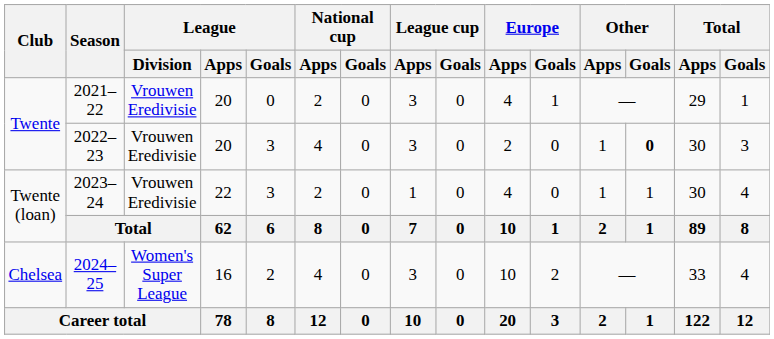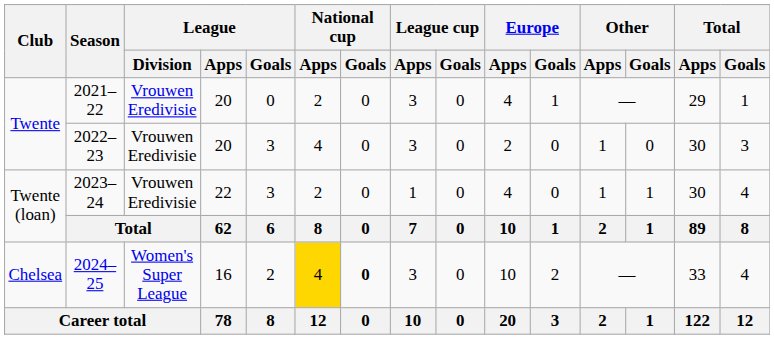 <table class="wikitable" style="text-align:center">
 <tr>
 <th rowspan="2">Club</th>
 <th rowspan="2">Season</th>
 <th colspan="3">League</th>
 <th colspan="2">National cup</th>
 <th colspan="2">League cup</th>
 <th colspan="2"><a href='#'>Europe</a></th>
 <th colspan="2">Other</th>
 <th colspan="2">Total</th>
 </tr>
 <tr>
 <th>Division</th>
 <th>Apps</th>
 <th>Goals</th>
 <th>Apps</th>
 <th>Goals</th>
 <th>Apps</th>
 <th>Goals</th>
 <th>Apps</th>
 <th>Goals</th>
 <th>Apps</th>
 <th>Goals</th>
 <th>Apps</th>
 <th>Goals</th>
 </tr>
 <tr>
 <td rowspan="2"><a href='#'>Twente</a></td>
 <td>2021–22</td>
 <td><a href='#'>Vrouwen Eredivisie</a></td>
 <td>20</td>
 <td>0</td>
 <td>2</td>
 <td>0</td>
 <td>3</td>
 <td>0</td>
 <td>4</td>
 <td>1</td>
 <td colspan="2">—</td>
 <td>29</td>
 <td>1</td>
 </tr>
 <tr>
 <td>2022–23</td>
 <td>Vrouwen Eredivisie</td>
 <td>20</td>
 <td>3</td>
 <td>4</td>
 <td>0</td>
 <td>3</td>
 <td>0</td>
 <td>2</td>
 <td>0</td>
 <td>1</td>
-<td><strong>0</strong></td>
+<td>0</td>
 <td>30</td>
 <td>3</td>
 </tr>
 <tr>
 <td rowspan="2">Twente (loan)</td>
 <td>2023–24</td>
 <td>Vrouwen Eredivisie</td>
 <td>22</td>
 <td>3</td>
 <td>2</td>
 <td>0</td>
 <td>1</td>
 <td>0</td>
 <td>4</td>
 <td>0</td>
 <td>1</td>
 <td>1</td>
 <td>30</td>
 <td>4</td>
 </tr>
 <tr>
 <th colspan="2">Total</th>
 <th>62</th>
 <th>6</th>
 <th>8</th>
 <th>0</th>
 <th>7</th>
 <th>0</th>
 <th>10</th>
 <th>1</th>
 <th>2</th>
 <th>1</th>
 <th>89</th>
 <th>8</th>
 </tr>
 <tr>
 <td><a href='#'>Chelsea</a></td>
 <td><a href='#'>2024–25</a></td>
 <td><a href='#'>Women's Super League</a></td>
 <td>16</td>
 <td>2</td>
-<td>4</td>
-<td>0</td>
+<td style="background: gold;">4</td>
+<td><strong>0</strong></td>
 <td>3</td>
 <td>0</td>
 <td>10</td>
 <td>2</td>
 <td colspan="2">—</td>
 <td>33</td>
 <td>4</td>
 </tr>
 <tr>
 <th colspan="3">Career total</th>
 <th>78</th>
 <th>8</th>
 <th>12</th>
 <th>0</th>
 <th>10</th>
 <th>0</th>
 <th>20</th>
 <th>3</th>
 <th>2</th>
 <th>1</th>
 <th>122</th>
 <th>12</th>
 </tr>
 </table>
